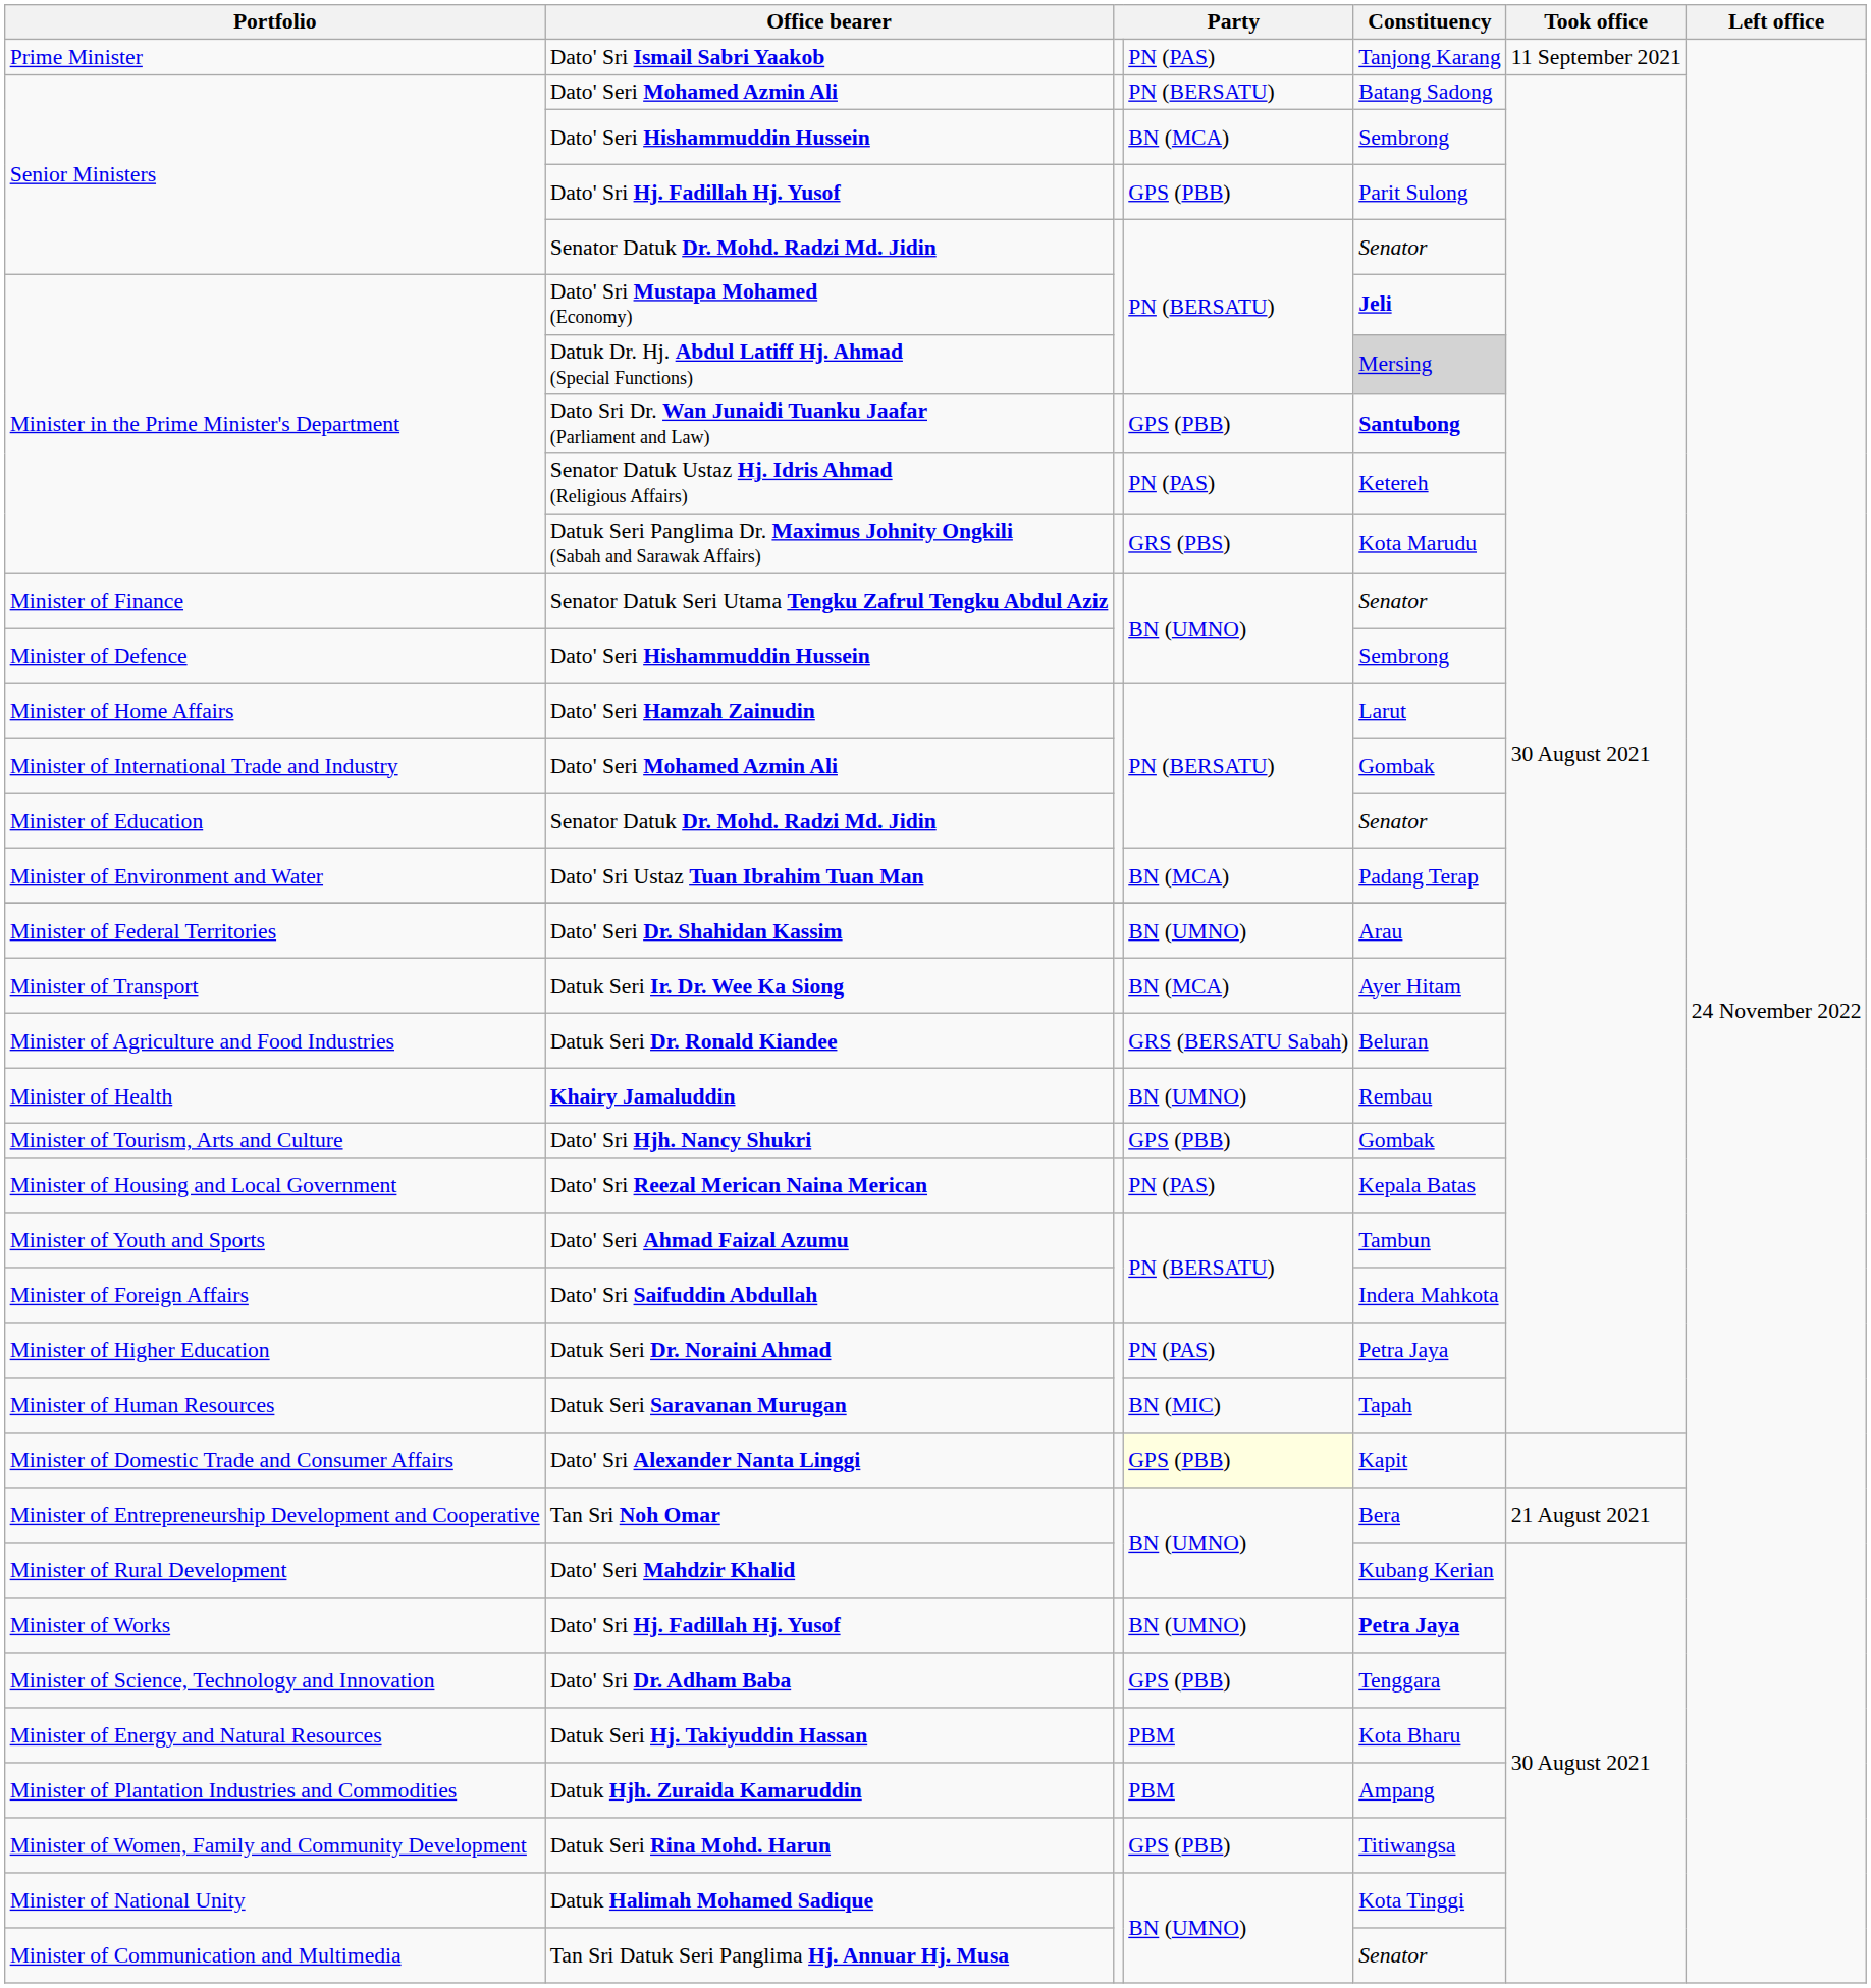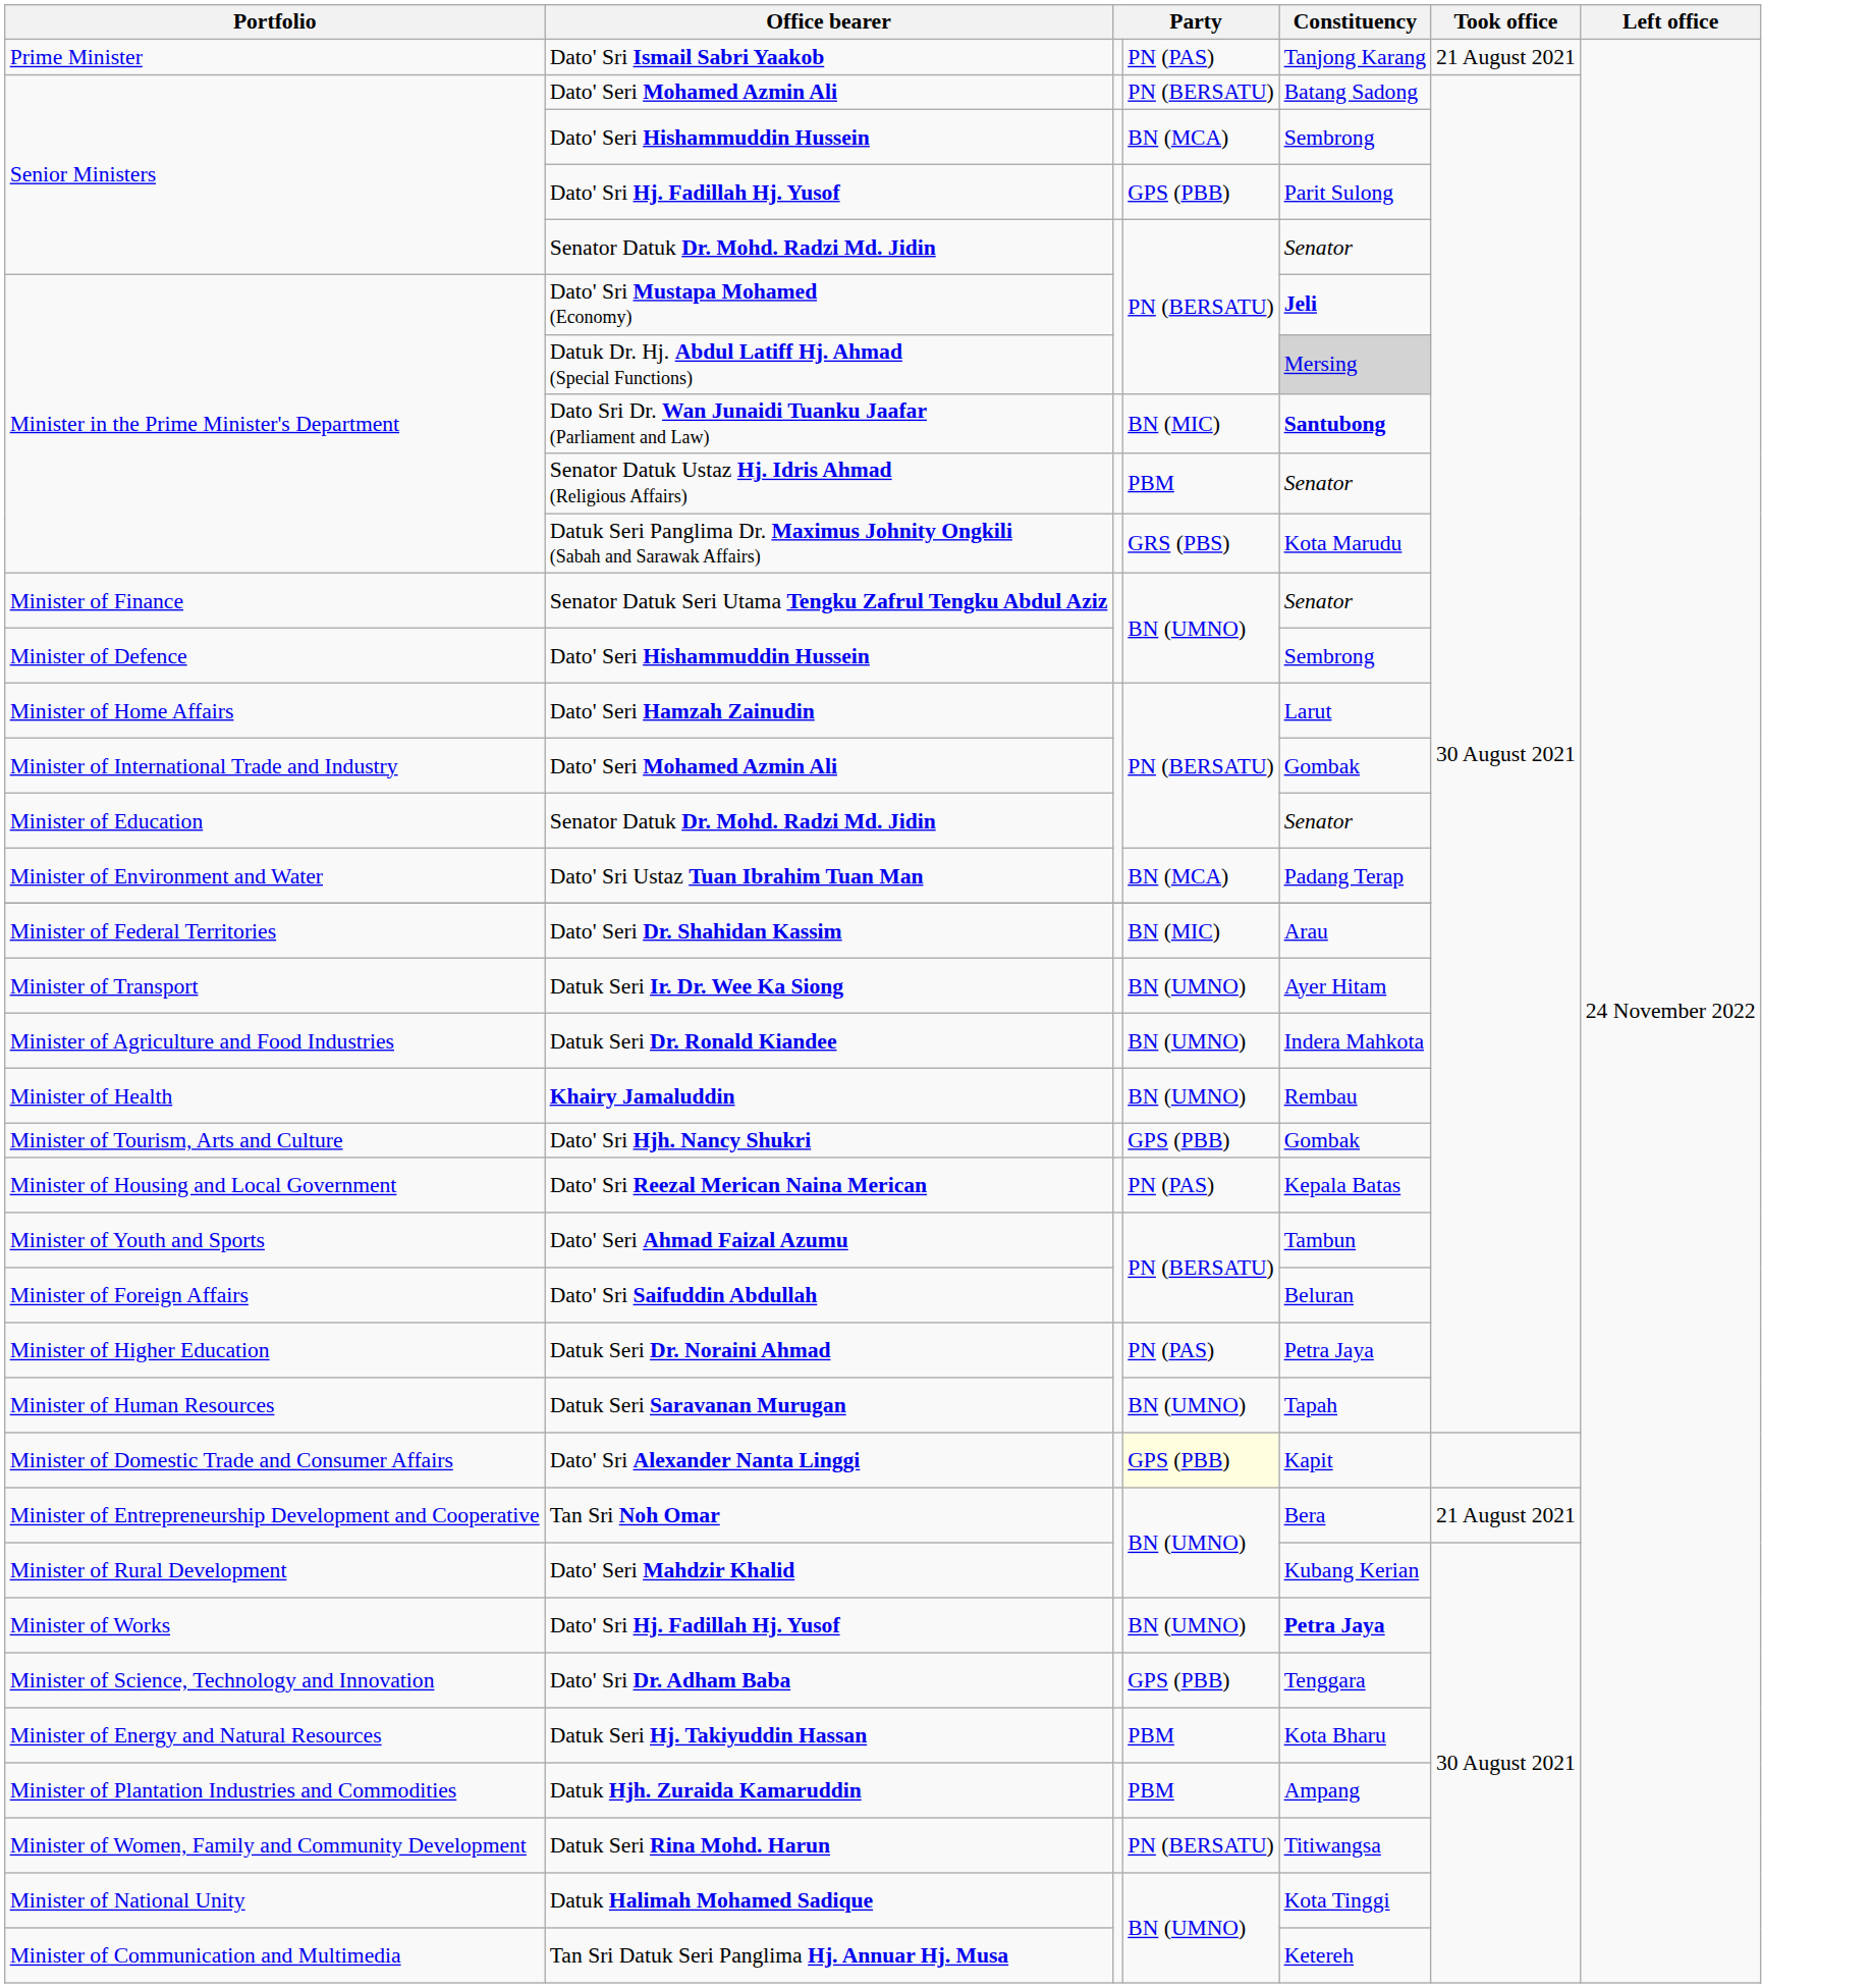 <table class="sortable wikitable">
 <tr>
 <th>Portfolio</th>
 <th>Office bearer</th>
 <th colspan=2>Party</th>
 <th>Constituency</th>
 <th>Took office</th>
 <th>Left office</th>
 </tr>
 <tr>
 <td><a href='#'>Prime Minister</a></td>
 <td>Dato' Sri <strong><a href='#'>Ismail Sabri Yaakob</a></strong> </td>
 <td></td>
 <td><a href='#'>PN</a> (<a href='#'>PAS</a>)</td>
 <td><a href='#'>Tanjong Karang</a></td>
-<td>11 September 2021</td>
+<td>21 August 2021</td>
 <td rowspan="37">24 November 2022</td>
 </tr>
 <tr>
 <td rowspan="4"><a href='#'>Senior Ministers</a></td>
 <td>Dato' Seri <strong><a href='#'>Mohamed Azmin Ali</a></strong> <br></td>
 <td></td>
 <td><a href='#'>PN</a> (<a href='#'>BERSATU</a>)</td>
 <td><a href='#'>Batang Sadong</a></td>
 <td rowspan="26">30 August 2021</td>
 </tr>
 <tr style="height: 40px;">
 <td>Dato' Seri <strong><a href='#'>Hishammuddin Hussein</a></strong> <br></td>
 <td></td>
 <td><a href='#'>BN</a> (<a href='#'>MCA</a>)</td>
 <td><a href='#'>Sembrong</a></td>
 </tr>
 <tr style="height: 40px;">
 <td>Dato' Sri <strong><a href='#'>Hj. Fadillah Hj. Yusof</a></strong> <br></td>
 <td></td>
 <td><a href='#'>GPS</a> (<a href='#'>PBB</a>)</td>
 <td><a href='#'>Parit Sulong</a></td>
 </tr>
 <tr style="height: 40px;">
 <td>Senator Datuk <strong><a href='#'>Dr. Mohd. Radzi Md. Jidin</a></strong><br></td>
 <td rowspan="3"></td>
 <td rowspan="3"><a href='#'>PN</a> (<a href='#'>BERSATU</a>)</td>
 <td><em>Senator</em></td>
 </tr>
 <tr style="height: 40px;">
 <td rowspan="5"><a href='#'>Minister in the Prime Minister's Department</a></td>
 <td>Dato' Sri <strong><a href='#'>Mustapa Mohamed</a></strong> <br><small>(Economy)</small></td>
 <td><strong><a href='#'>Jeli</a></strong></td>
 </tr>
 <tr style="height: 40px;">
 <td>Datuk Dr. Hj. <strong><a href='#'>Abdul Latiff Hj. Ahmad</a></strong> <br><small>(Special Functions)</small></td>
 <td style="background: lightgrey;"><a href='#'>Mersing</a></td>
 </tr>
 <tr style="height: 40px;">
 <td>Dato Sri Dr. <strong><a href='#'>Wan Junaidi Tuanku Jaafar</a></strong> <br><small>(Parliament and Law)</small></td>
 <td></td>
-<td><a href='#'>GPS</a> (<a href='#'>PBB</a>)</td>
+<td><a href='#'>BN</a> (<a href='#'>MIC</a>)</td>
 <td><strong><a href='#'>Santubong</a></strong></td>
 </tr>
 <tr style="height: 40px;">
 <td>Senator Datuk Ustaz <strong><a href='#'>Hj. Idris Ahmad</a></strong><br><small>(Religious Affairs)</small></td>
 <td></td>
-<td><a href='#'>PN</a> (<a href='#'>PAS</a>)</td>
-<td><a href='#'>Ketereh</a></td>
+<td><a href='#'>PBM</a></td>
+<td><em>Senator</em></td>
 </tr>
 <tr style="height: 40px;">
 <td>Datuk Seri Panglima Dr. <strong><a href='#'>Maximus Johnity Ongkili</a></strong> <br><small>(Sabah and Sarawak Affairs)</small></td>
 <td style="background:"></td>
 <td><a href='#'>GRS</a> (<a href='#'>PBS</a>)</td>
 <td><a href='#'>Kota Marudu</a></td>
 </tr>
 <tr style="height: 40px;">
 <td><a href='#'>Minister of Finance</a></td>
 <td>Senator Datuk Seri Utama <strong><a href='#'>Tengku Zafrul Tengku Abdul Aziz</a></strong></td>
 <td rowspan="2"></td>
 <td rowspan="2"><a href='#'>BN</a> (<a href='#'>UMNO</a>)</td>
 <td><em>Senator</em></td>
 </tr>
 <tr style="height: 40px;">
 <td><a href='#'>Minister of Defence</a></td>
 <td>Dato' Seri <strong><a href='#'>Hishammuddin Hussein</a></strong> </td>
 <td><a href='#'>Sembrong</a></td>
 </tr>
 <tr style="height: 40px;">
 <td><a href='#'>Minister of Home Affairs</a></td>
 <td>Dato' Seri <strong><a href='#'>Hamzah Zainudin</a></strong> </td>
 <td rowspan="4"></td>
 <td rowspan="3"><a href='#'>PN</a> (<a href='#'>BERSATU</a>)</td>
 <td><a href='#'>Larut</a></td>
 </tr>
 <tr style="height: 40px;">
 <td><a href='#'>Minister of International Trade and Industry</a></td>
 <td>Dato' Seri <strong><a href='#'>Mohamed Azmin Ali</a></strong> </td>
 <td><a href='#'>Gombak</a></td>
 </tr>
 <tr style="height: 40px;">
 <td><a href='#'>Minister of Education</a></td>
 <td>Senator Datuk <strong><a href='#'>Dr. Mohd. Radzi Md. Jidin</a></strong></td>
 <td><em>Senator</em></td>
 </tr>
 <tr style="height: 40px;">
 <td><a href='#'>Minister of Environment and Water</a></td>
 <td>Dato' Sri Ustaz <strong><a href='#'>Tuan Ibrahim Tuan Man</a></strong> </td>
 <td><a href='#'>BN</a> (<a href='#'>MCA</a>)</td>
 <td><a href='#'>Padang Terap</a></td>
 </tr>
 <tr>
 </tr>
 <tr style="height: 40px;">
 <td><a href='#'>Minister of Federal Territories</a></td>
 <td>Dato' Seri <strong><a href='#'>Dr. Shahidan Kassim</a></strong> </td>
 <td></td>
-<td><a href='#'>BN</a> (<a href='#'>UMNO</a>)</td>
+<td><a href='#'>BN</a> (<a href='#'>MIC</a>)</td>
 <td><a href='#'>Arau</a></td>
 </tr>
 <tr style="height: 40px;">
 <td><a href='#'>Minister of Transport</a></td>
 <td>Datuk Seri <strong><a href='#'>Ir. Dr. Wee Ka Siong</a></strong> </td>
 <td></td>
-<td><a href='#'>BN</a> (<a href='#'>MCA</a>)</td>
+<td><a href='#'>BN</a> (<a href='#'>UMNO</a>)</td>
 <td><a href='#'>Ayer Hitam</a></td>
 </tr>
 <tr style="height: 40px;">
 <td><a href='#'>Minister of Agriculture and Food Industries</a></td>
 <td>Datuk Seri <strong><a href='#'>Dr. Ronald Kiandee</a></strong> </td>
 <td></td>
-<td><a href='#'>GRS</a> (<a href='#'>BERSATU Sabah</a>)</td>
-<td><a href='#'>Beluran</a></td>
+<td><a href='#'>BN</a> (<a href='#'>UMNO</a>)</td>
+<td><a href='#'>Indera Mahkota</a></td>
 </tr>
 <tr style="height: 40px;">
 <td><a href='#'>Minister of Health</a></td>
 <td><strong><a href='#'>Khairy Jamaluddin</a></strong> </td>
 <td></td>
 <td><a href='#'>BN</a> (<a href='#'>UMNO</a>)</td>
 <td><a href='#'>Rembau</a></td>
 </tr>
 <tr>
 <td><a href='#'>Minister of Tourism, Arts and Culture</a></td>
 <td>Dato' Sri <strong><a href='#'>Hjh. Nancy Shukri</a></strong> </td>
 <td></td>
 <td><a href='#'>GPS</a> (<a href='#'>PBB</a>)</td>
 <td><a href='#'>Gombak</a></td>
 </tr>
 <tr style="height: 40px;">
 <td><a href='#'>Minister of Housing and Local Government</a></td>
 <td>Dato' Sri <strong><a href='#'>Reezal Merican Naina Merican</a></strong> </td>
 <td></td>
 <td><a href='#'>PN</a> (<a href='#'>PAS</a>)</td>
 <td><a href='#'>Kepala Batas</a></td>
 </tr>
 <tr style="height: 40px;">
 <td><a href='#'>Minister of Youth and Sports</a></td>
 <td>Dato' Seri <strong><a href='#'>Ahmad Faizal Azumu</a></strong> </td>
 <td rowspan="2"></td>
 <td rowspan="2"><a href='#'>PN</a> (<a href='#'>BERSATU</a>)</td>
 <td><a href='#'>Tambun</a></td>
 </tr>
 <tr style="height: 40px;">
 <td><a href='#'>Minister of Foreign Affairs</a></td>
 <td>Dato' Sri <strong><a href='#'>Saifuddin Abdullah</a></strong> </td>
-<td><a href='#'>Indera Mahkota</a></td>
+<td><a href='#'>Beluran</a></td>
 </tr>
 <tr style="height: 40px;">
 <td><a href='#'>Minister of Higher Education</a></td>
 <td>Datuk Seri <strong><a href='#'>Dr. Noraini Ahmad</a></strong> </td>
 <td rowspan="2"></td>
 <td><a href='#'>PN</a> (<a href='#'>PAS</a>)</td>
 <td><a href='#'>Petra Jaya</a></td>
 </tr>
 <tr style="height: 40px;">
 <td><a href='#'>Minister of Human Resources</a></td>
 <td>Datuk Seri <strong><a href='#'>Saravanan Murugan</a></strong> </td>
-<td><a href='#'>BN</a> (<a href='#'>MIC</a>)</td>
+<td><a href='#'>BN</a> (<a href='#'>UMNO</a>)</td>
 <td><a href='#'>Tapah</a></td>
 </tr>
 <tr style="height: 40px;">
 <td><a href='#'>Minister of Domestic Trade and Consumer Affairs</a></td>
 <td>Dato' Sri <strong><a href='#'>Alexander Nanta Linggi</a></strong> </td>
 <td></td>
 <td style="background: lightyellow;"><a href='#'>GPS</a> (<a href='#'>PBB</a>)</td>
 <td><a href='#'>Kapit</a></td>
 </tr>
 <tr style="height: 40px;">
 <td><a href='#'>Minister of Entrepreneurship Development and Cooperative</a></td>
 <td>Tan Sri <strong><a href='#'>Noh Omar</a></strong> </td>
 <td rowspan="2"></td>
 <td rowspan="2"><a href='#'>BN</a> (<a href='#'>UMNO</a>)</td>
 <td><a href='#'>Bera</a></td>
 <td>21 August 2021</td>
 </tr>
 <tr style="height: 40px;">
 <td><a href='#'>Minister of Rural Development</a></td>
 <td>Dato' Seri <strong><a href='#'>Mahdzir Khalid</a></strong> </td>
 <td><a href='#'>Kubang Kerian</a></td>
 <td rowspan="8">30 August 2021</td>
 </tr>
 <tr style="height: 40px;">
 <td><a href='#'>Minister of Works</a></td>
 <td>Dato' Sri <strong><a href='#'>Hj. Fadillah Hj. Yusof</a></strong> </td>
 <td></td>
 <td><a href='#'>BN</a> (<a href='#'>UMNO</a>)</td>
 <td><strong><a href='#'>Petra Jaya</a></strong></td>
 </tr>
 <tr style="height: 40px;">
 <td><a href='#'>Minister of Science, Technology and Innovation</a></td>
 <td>Dato' Sri <strong><a href='#'>Dr. Adham Baba</a> </strong> </td>
 <td></td>
 <td><a href='#'>GPS</a> (<a href='#'>PBB</a>)</td>
 <td><a href='#'>Tenggara</a></td>
 </tr>
 <tr style="height: 40px;">
 <td><a href='#'>Minister of Energy and Natural Resources</a></td>
 <td>Datuk Seri <strong><a href='#'>Hj. Takiyuddin Hassan</a></strong> </td>
 <td></td>
 <td><a href='#'>PBM</a></td>
 <td><a href='#'>Kota Bharu</a></td>
 </tr>
 <tr style="height: 40px;">
 <td><a href='#'>Minister of Plantation Industries and Commodities</a></td>
 <td>Datuk <strong><a href='#'>Hjh. Zuraida Kamaruddin</a></strong> </td>
 <td></td>
 <td><a href='#'>PBM</a></td>
 <td><a href='#'>Ampang</a></td>
 </tr>
 <tr style="height: 40px;">
 <td><a href='#'>Minister of Women, Family and Community Development</a></td>
 <td>Datuk Seri <strong><a href='#'>Rina Mohd. Harun</a></strong> </td>
 <td></td>
-<td><a href='#'>GPS</a> (<a href='#'>PBB</a>)</td>
+<td><a href='#'>PN</a> (<a href='#'>BERSATU</a>)</td>
 <td><a href='#'>Titiwangsa</a></td>
 </tr>
 <tr style="height: 40px;">
 <td><a href='#'>Minister of National Unity</a></td>
 <td>Datuk <strong><a href='#'>Halimah Mohamed Sadique</a></strong> </td>
 <td rowspan="2"></td>
 <td rowspan="2"><a href='#'>BN</a> (<a href='#'>UMNO</a>)</td>
 <td><a href='#'>Kota Tinggi</a></td>
 </tr>
 <tr style="height: 40px;">
 <td><a href='#'>Minister of Communication and Multimedia</a></td>
 <td>Tan Sri Datuk Seri Panglima <strong><a href='#'>Hj. Annuar Hj. Musa</a></strong> </td>
-<td><em>Senator</em></td>
+<td><a href='#'>Ketereh</a></td>
 </tr>
 </table>
